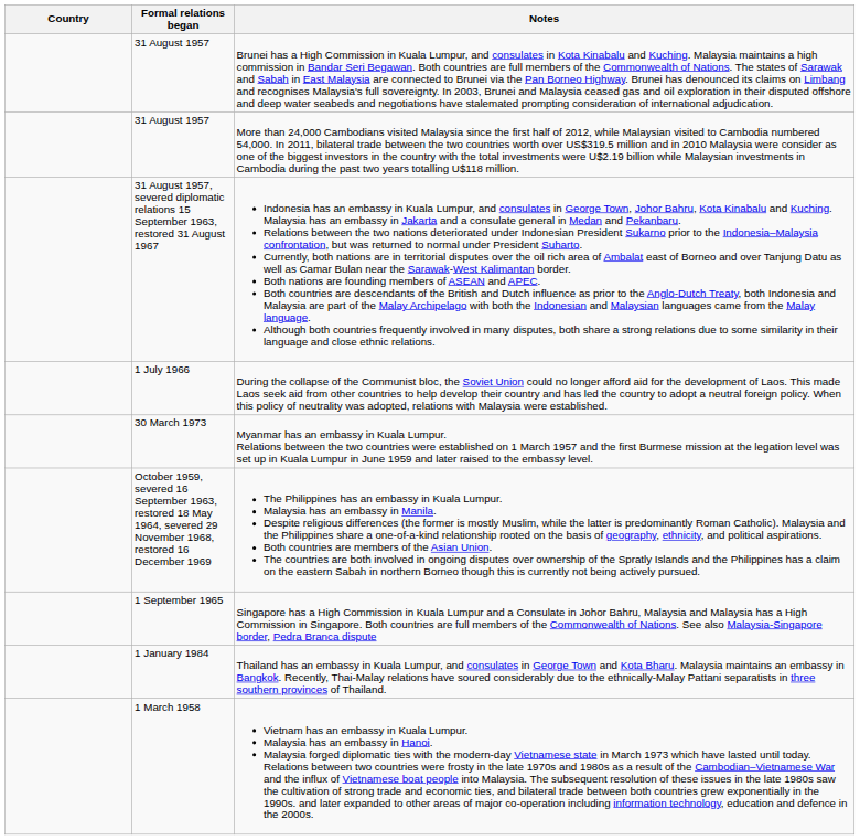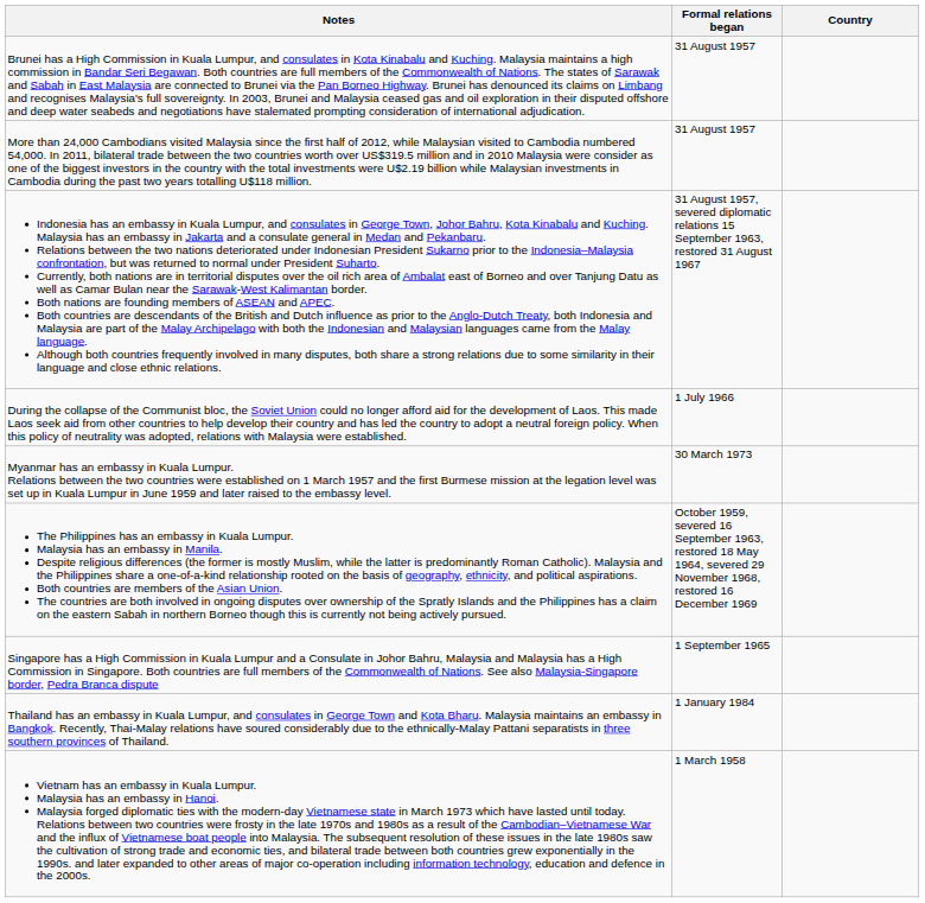 <table class="wikitable sortable" style="width:100%; margin:auto;">
 <tr>
+<th>Notes</th>
+<th style="width:12%;">Formal relations began</th>
 <th style="width:15%;">Country</th>
-<th style="width:12%;">Formal relations began</th>
-<th>Notes</th>
 </tr>
 <tr valign="top">
+<td><br>Brunei has a High Commission in Kuala Lumpur, and <a href='#'>consulates</a> in <a href='#'>Kota Kinabalu</a> and <a href='#'>Kuching</a>. Malaysia maintains a high commission in <a href='#'>Bandar Seri Begawan</a>. Both countries are full members of the <a href='#'>Commonwealth of Nations</a>. The states of <a href='#'>Sarawak</a> and <a href='#'>Sabah</a> in <a href='#'>East Malaysia</a> are connected to Brunei via the <a href='#'>Pan Borneo Highway</a>. Brunei has denounced its claims on <a href='#'>Limbang</a> and recognises Malaysia's full sovereignty. In 2003, Brunei and Malaysia ceased gas and oil exploration in their disputed offshore and deep water seabeds and negotiations have stalemated prompting consideration of international adjudication.</td>
+<td>31 August 1957</td>
 <td></td>
-<td>31 August 1957</td>
-<td><br>Brunei has a High Commission in Kuala Lumpur, and <a href='#'>consulates</a> in <a href='#'>Kota Kinabalu</a> and <a href='#'>Kuching</a>. Malaysia maintains a high commission in <a href='#'>Bandar Seri Begawan</a>. Both countries are full members of the <a href='#'>Commonwealth of Nations</a>. The states of <a href='#'>Sarawak</a> and <a href='#'>Sabah</a> in <a href='#'>East Malaysia</a> are connected to Brunei via the <a href='#'>Pan Borneo Highway</a>. Brunei has denounced its claims on <a href='#'>Limbang</a> and recognises Malaysia's full sovereignty. In 2003, Brunei and Malaysia ceased gas and oil exploration in their disputed offshore and deep water seabeds and negotiations have stalemated prompting consideration of international adjudication.</td>
 </tr>
 <tr valign="top">
+<td><br>More than 24,000 Cambodians visited Malaysia since the first half of 2012, while Malaysian visited to Cambodia numbered 54,000. In 2011, bilateral trade between the two countries worth over US$319.5 million and in 2010 Malaysia were consider as one of the biggest investors in the country with the total investments were U$2.19 billion while Malaysian investments in Cambodia during the past two years totalling U$118 million.</td>
+<td>31 August 1957</td>
 <td></td>
-<td>31 August 1957</td>
-<td><br>More than 24,000 Cambodians visited Malaysia since the first half of 2012, while Malaysian visited to Cambodia numbered 54,000. In 2011, bilateral trade between the two countries worth over US$319.5 million and in 2010 Malaysia were consider as one of the biggest investors in the country with the total investments were U$2.19 billion while Malaysian investments in Cambodia during the past two years totalling U$118 million.</td>
 </tr>
 <tr valign="top">
+<td><br><ul><li>Indonesia has an embassy in Kuala Lumpur, and <a href='#'>consulates</a> in <a href='#'>George Town</a>, <a href='#'>Johor Bahru</a>, <a href='#'>Kota Kinabalu</a> and <a href='#'>Kuching</a>. Malaysia has an embassy in <a href='#'>Jakarta</a> and a consulate general in <a href='#'>Medan</a> and <a href='#'>Pekanbaru</a>.</li><li>Relations between the two nations deteriorated under Indonesian President <a href='#'>Sukarno</a> prior to the <a href='#'>Indonesia–Malaysia confrontation</a>, but was returned to normal under President <a href='#'>Suharto</a>.</li><li>Currently, both nations are in territorial disputes over the oil rich area of <a href='#'>Ambalat</a> east of Borneo and over Tanjung Datu as well as Camar Bulan near the <a href='#'>Sarawak</a>-<a href='#'>West Kalimantan</a> border.</li><li>Both nations are founding members of <a href='#'>ASEAN</a> and <a href='#'>APEC</a>.</li><li>Both countries are descendants of the British and Dutch influence as prior to the <a href='#'>Anglo-Dutch Treaty</a>, both Indonesia and Malaysia are part of the <a href='#'>Malay Archipelago</a> with both the <a href='#'>Indonesian</a> and <a href='#'>Malaysian</a> languages came from the <a href='#'>Malay language</a>.</li><li>Although both countries frequently involved in many disputes, both share a strong relations due to some similarity in their language and close ethnic relations.</li></ul></td>
+<td>31 August 1957, severed diplomatic relations 15 September 1963, restored 31 August 1967</td>
 <td></td>
-<td>31 August 1957, severed diplomatic relations 15 September 1963, restored 31 August 1967</td>
-<td><br><ul><li>Indonesia has an embassy in Kuala Lumpur, and <a href='#'>consulates</a> in <a href='#'>George Town</a>, <a href='#'>Johor Bahru</a>, <a href='#'>Kota Kinabalu</a> and <a href='#'>Kuching</a>. Malaysia has an embassy in <a href='#'>Jakarta</a> and a consulate general in <a href='#'>Medan</a> and <a href='#'>Pekanbaru</a>.</li><li>Relations between the two nations deteriorated under Indonesian President <a href='#'>Sukarno</a> prior to the <a href='#'>Indonesia–Malaysia confrontation</a>, but was returned to normal under President <a href='#'>Suharto</a>.</li><li>Currently, both nations are in territorial disputes over the oil rich area of <a href='#'>Ambalat</a> east of Borneo and over Tanjung Datu as well as Camar Bulan near the <a href='#'>Sarawak</a>-<a href='#'>West Kalimantan</a> border.</li><li>Both nations are founding members of <a href='#'>ASEAN</a> and <a href='#'>APEC</a>.</li><li>Both countries are descendants of the British and Dutch influence as prior to the <a href='#'>Anglo-Dutch Treaty</a>, both Indonesia and Malaysia are part of the <a href='#'>Malay Archipelago</a> with both the <a href='#'>Indonesian</a> and <a href='#'>Malaysian</a> languages came from the <a href='#'>Malay language</a>.</li><li>Although both countries frequently involved in many disputes, both share a strong relations due to some similarity in their language and close ethnic relations.</li></ul></td>
 </tr>
 <tr valign="top">
+<td><br>During the collapse of the Communist bloc, the <a href='#'>Soviet Union</a> could no longer afford aid for the development of Laos. This made Laos seek aid from other countries to help develop their country and has led the country to adopt a neutral foreign policy. When this policy of neutrality was adopted, relations with Malaysia were established.</td>
+<td>1 July 1966</td>
 <td></td>
-<td>1 July 1966</td>
-<td><br>During the collapse of the Communist bloc, the <a href='#'>Soviet Union</a> could no longer afford aid for the development of Laos. This made Laos seek aid from other countries to help develop their country and has led the country to adopt a neutral foreign policy. When this policy of neutrality was adopted, relations with Malaysia were established.</td>
 </tr>
 <tr valign="top">
+<td><br>Myanmar has an embassy in Kuala Lumpur.<br>Relations between the two countries were established on 1 March 1957 and the first Burmese mission at the legation level was set up in Kuala Lumpur in June 1959 and later raised to the embassy level.</td>
+<td>30 March 1973</td>
 <td></td>
-<td>30 March 1973</td>
-<td><br>Myanmar has an embassy in Kuala Lumpur.<br>Relations between the two countries were established on 1 March 1957 and the first Burmese mission at the legation level was set up in Kuala Lumpur in June 1959 and later raised to the embassy level.</td>
 </tr>
 <tr valign="top">
+<td><br><ul><li>The Philippines has an embassy in Kuala Lumpur.</li><li>Malaysia has an embassy in <a href='#'>Manila</a>.</li><li>Despite religious differences (the former is mostly Muslim, while the latter is predominantly Roman Catholic). Malaysia and the Philippines share a one-of-a-kind relationship rooted on the basis of <a href='#'>geography</a>, <a href='#'>ethnicity</a>, and political aspirations.</li><li>Both countries are members of the <a href='#'>Asian Union</a>.</li><li>The countries are both involved in ongoing disputes over ownership of the Spratly Islands and the Philippines has a claim on the eastern Sabah in northern Borneo though this is currently not being actively pursued.</li></ul></td>
+<td>October 1959, severed 16 September 1963, restored 18 May 1964, severed 29 November 1968, restored 16 December 1969</td>
 <td></td>
-<td>October 1959, severed 16 September 1963, restored 18 May 1964, severed 29 November 1968, restored 16 December 1969</td>
-<td><br><ul><li>The Philippines has an embassy in Kuala Lumpur.</li><li>Malaysia has an embassy in <a href='#'>Manila</a>.</li><li>Despite religious differences (the former is mostly Muslim, while the latter is predominantly Roman Catholic). Malaysia and the Philippines share a one-of-a-kind relationship rooted on the basis of <a href='#'>geography</a>, <a href='#'>ethnicity</a>, and political aspirations.</li><li>Both countries are members of the <a href='#'>Asian Union</a>.</li><li>The countries are both involved in ongoing disputes over ownership of the Spratly Islands and the Philippines has a claim on the eastern Sabah in northern Borneo though this is currently not being actively pursued.</li></ul></td>
 </tr>
 <tr valign="top">
+<td><br>Singapore has a High Commission in Kuala Lumpur and a Consulate in Johor Bahru, Malaysia and Malaysia has a High Commission in Singapore. Both countries are full members of the <a href='#'>Commonwealth of Nations</a>. See also <a href='#'>Malaysia-Singapore border</a>, <a href='#'>Pedra Branca dispute</a></td>
+<td>1 September 1965</td>
 <td></td>
-<td>1 September 1965</td>
-<td><br>Singapore has a High Commission in Kuala Lumpur and a Consulate in Johor Bahru, Malaysia and Malaysia has a High Commission in Singapore. Both countries are full members of the <a href='#'>Commonwealth of Nations</a>. See also <a href='#'>Malaysia-Singapore border</a>, <a href='#'>Pedra Branca dispute</a></td>
 </tr>
 <tr valign="top">
+<td><br>Thailand has an embassy in Kuala Lumpur, and <a href='#'>consulates</a> in <a href='#'>George Town</a> and <a href='#'>Kota Bharu</a>. Malaysia maintains an embassy in <a href='#'>Bangkok</a>. Recently, Thai-Malay relations have soured considerably due to the ethnically-Malay Pattani separatists in <a href='#'>three southern provinces</a> of Thailand.</td>
+<td>1 January 1984</td>
 <td></td>
-<td>1 January 1984</td>
-<td><br>Thailand has an embassy in Kuala Lumpur, and <a href='#'>consulates</a> in <a href='#'>George Town</a> and <a href='#'>Kota Bharu</a>. Malaysia maintains an embassy in <a href='#'>Bangkok</a>. Recently, Thai-Malay relations have soured considerably due to the ethnically-Malay Pattani separatists in <a href='#'>three southern provinces</a> of Thailand.</td>
 </tr>
 <tr valign="top">
+<td><br><ul><li>Vietnam has an embassy in Kuala Lumpur.</li><li>Malaysia has an embassy in <a href='#'>Hanoi</a>.</li><li>Malaysia forged diplomatic ties with the modern-day <a href='#'>Vietnamese state</a> in March 1973 which have lasted until today. Relations between two countries were frosty in the late 1970s and 1980s as a result of the <a href='#'>Cambodian–Vietnamese War</a> and the influx of <a href='#'>Vietnamese boat people</a> into Malaysia. The subsequent resolution of these issues in the late 1980s saw the cultivation of strong trade and economic ties, and bilateral trade between both countries grew exponentially in the 1990s. and later expanded to other areas of major co-operation including <a href='#'>information technology</a>, education and defence in the 2000s.</li></ul></td>
+<td>1 March 1958</td>
 <td></td>
-<td>1 March 1958</td>
-<td><br><ul><li>Vietnam has an embassy in Kuala Lumpur.</li><li>Malaysia has an embassy in <a href='#'>Hanoi</a>.</li><li>Malaysia forged diplomatic ties with the modern-day <a href='#'>Vietnamese state</a> in March 1973 which have lasted until today. Relations between two countries were frosty in the late 1970s and 1980s as a result of the <a href='#'>Cambodian–Vietnamese War</a> and the influx of <a href='#'>Vietnamese boat people</a> into Malaysia. The subsequent resolution of these issues in the late 1980s saw the cultivation of strong trade and economic ties, and bilateral trade between both countries grew exponentially in the 1990s. and later expanded to other areas of major co-operation including <a href='#'>information technology</a>, education and defence in the 2000s.</li></ul></td>
 </tr>
 </table>
